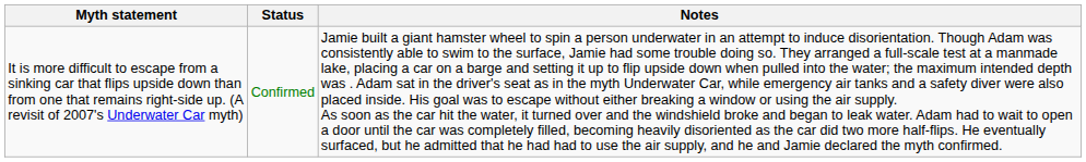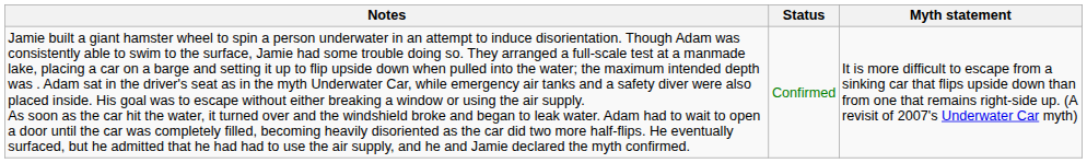 <table class="wikitable plainrowheaders">
 <tr>
+<th>Notes</th>
+<th>Status</th>
 <th>Myth statement</th>
-<th>Status</th>
-<th>Notes</th>
 </tr>
 <tr>
+<td>Jamie built a giant hamster wheel to spin a person underwater in an attempt to induce disorientation. Though Adam was consistently able to swim to the surface, Jamie had some trouble doing so. They arranged a full-scale test at a manmade lake, placing a car on a barge and setting it up to flip upside down when pulled into the water; the maximum intended depth was . Adam sat in the driver's seat as in the myth Underwater Car, while emergency air tanks and a safety diver were also placed inside. His goal was to escape without either breaking a window or using the air supply.<br>As soon as the car hit the water, it turned over and the windshield broke and began to leak water. Adam had to wait to open a door until the car was completely filled, becoming heavily disoriented as the car did two more half-flips. He eventually surfaced, but he admitted that he had had to use the air supply, and he and Jamie declared the myth confirmed.</td>
+<td style="color:green">Confirmed</td>
 <td>It is more difficult to escape from a sinking car that flips upside down than from one that remains right-side up. (A revisit of 2007's <a href='#'>Underwater Car</a> myth)</td>
-<td style="color:green">Confirmed</td>
-<td>Jamie built a giant hamster wheel to spin a person underwater in an attempt to induce disorientation. Though Adam was consistently able to swim to the surface, Jamie had some trouble doing so. They arranged a full-scale test at a manmade lake, placing a car on a barge and setting it up to flip upside down when pulled into the water; the maximum intended depth was . Adam sat in the driver's seat as in the myth Underwater Car, while emergency air tanks and a safety diver were also placed inside. His goal was to escape without either breaking a window or using the air supply.<br>As soon as the car hit the water, it turned over and the windshield broke and began to leak water. Adam had to wait to open a door until the car was completely filled, becoming heavily disoriented as the car did two more half-flips. He eventually surfaced, but he admitted that he had had to use the air supply, and he and Jamie declared the myth confirmed.</td>
 </tr>
 </table>
